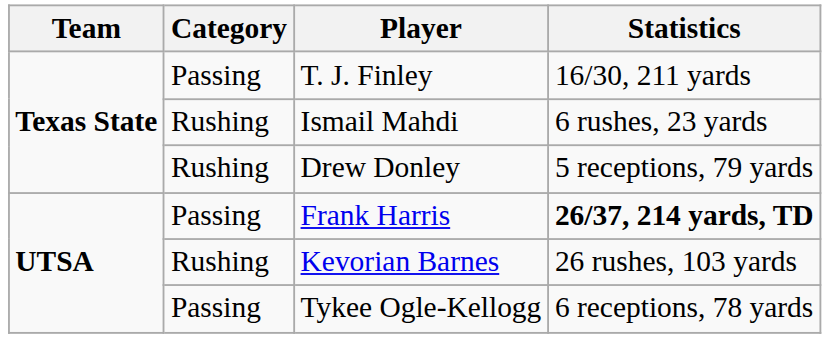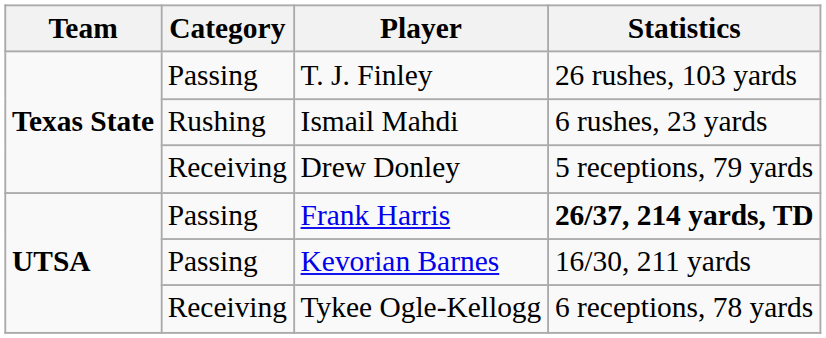 <table class="wikitable" style="float: right;">
 <tr>
 <th>Team</th>
 <th>Category</th>
 <th>Player</th>
 <th>Statistics</th>
 </tr>
 <tr>
 <td rowspan=3><strong>Texas State</strong></td>
 <td>Passing</td>
 <td>T. J. Finley</td>
-<td>16/30, 211 yards</td>
+<td>26 rushes, 103 yards</td>
 </tr>
 <tr>
 <td>Rushing</td>
 <td>Ismail Mahdi</td>
 <td>6 rushes, 23 yards</td>
 </tr>
 <tr>
-<td>Rushing</td>
+<td>Receiving</td>
 <td>Drew Donley</td>
 <td>5 receptions, 79 yards</td>
 </tr>
 <tr>
 <td rowspan=3><strong>UTSA</strong></td>
 <td>Passing</td>
 <td><a href='#'>Frank Harris</a></td>
 <td><strong>26/37, 214 yards, TD</strong></td>
 </tr>
 <tr>
-<td>Rushing</td>
+<td>Passing</td>
 <td><a href='#'>Kevorian Barnes</a></td>
-<td>26 rushes, 103 yards</td>
+<td>16/30, 211 yards</td>
 </tr>
 <tr>
-<td>Passing</td>
+<td>Receiving</td>
 <td>Tykee Ogle-Kellogg</td>
 <td>6 receptions, 78 yards</td>
 </tr>
 </table>
